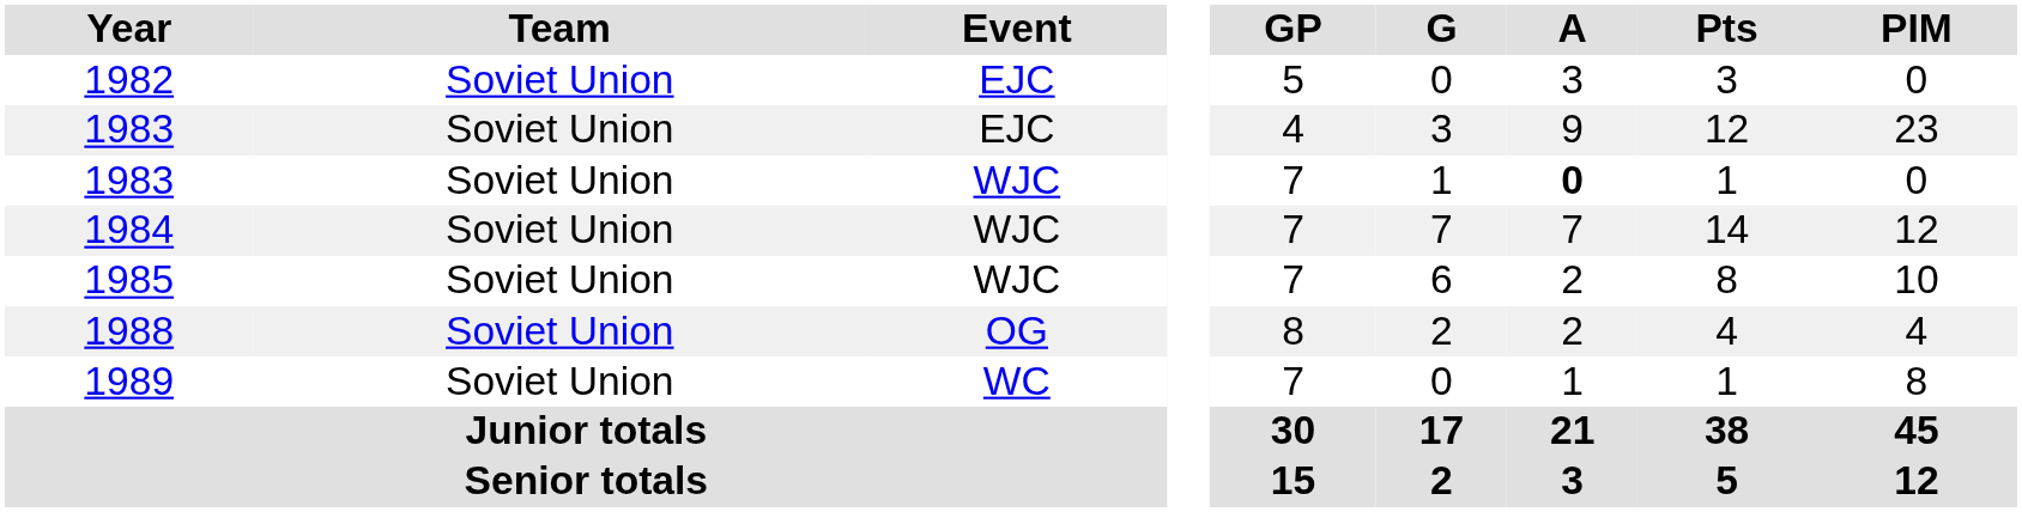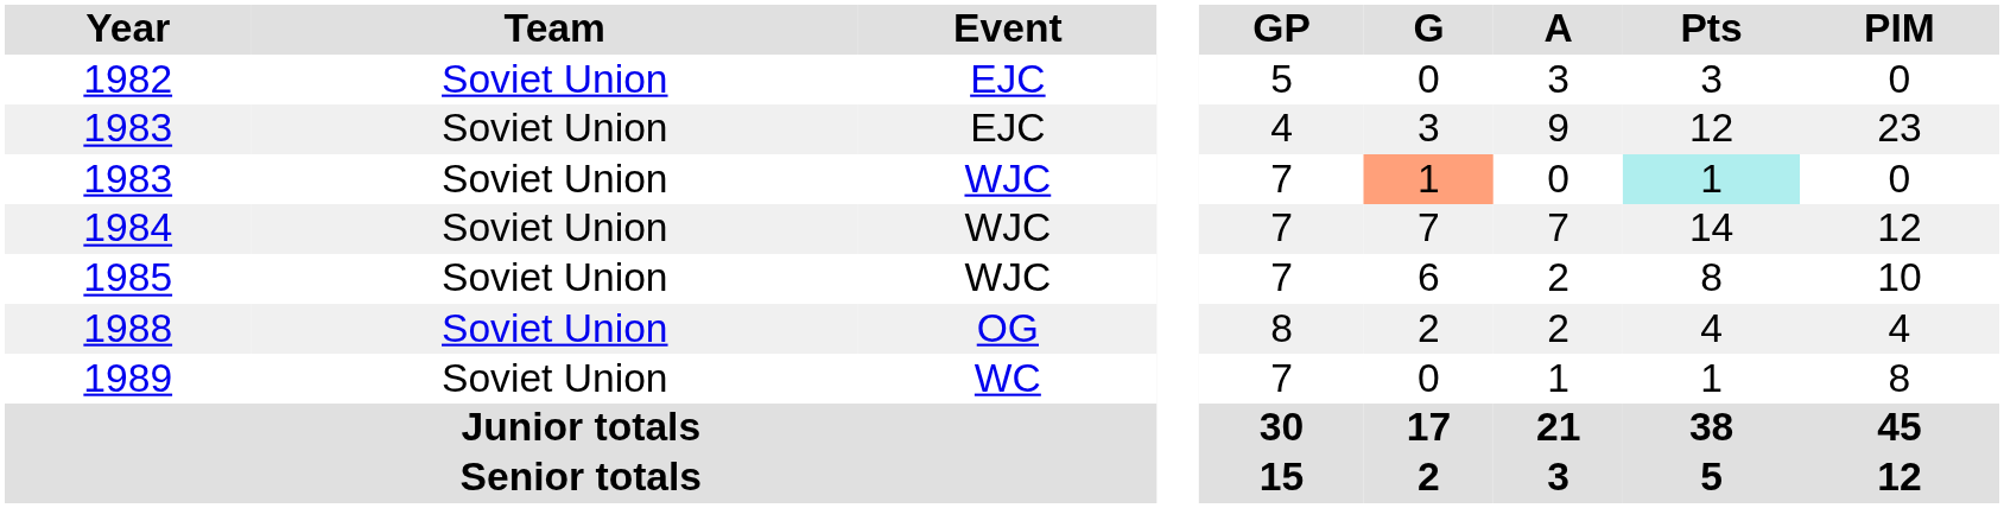 <table border="0" cellpadding="1" cellspacing="0" style="text-align:center; width:50em">
 <tr ALIGN="center" bgcolor="#e0e0e0">
 <th>Year</th>
 <th>Team</th>
 <th>Event</th>
 <th ALIGN="center" rowspan="99" bgcolor="#ffffff"> </th>
 <th>GP</th>
 <th>G</th>
 <th>A</th>
 <th>Pts</th>
 <th>PIM</th>
 </tr>
 <tr>
 <td><a href='#'>1982</a></td>
 <td><a href='#'>Soviet Union</a></td>
 <td><a href='#'>EJC</a></td>
 <td>5</td>
 <td>0</td>
 <td>3</td>
 <td>3</td>
 <td>0</td>
 </tr>
 <tr bgcolor="#f0f0f0">
 <td><a href='#'>1983</a></td>
 <td>Soviet Union</td>
 <td>EJC</td>
 <td>4</td>
 <td>3</td>
 <td>9</td>
 <td>12</td>
 <td>23</td>
 </tr>
 <tr>
 <td><a href='#'>1983</a></td>
 <td>Soviet Union</td>
 <td><a href='#'>WJC</a></td>
 <td>7</td>
-<td>1</td>
-<td><strong>0</strong></td>
-<td>1</td>
+<td style="background: lightsalmon;">1</td>
+<td>0</td>
+<td style="background: paleturquoise;">1</td>
 <td>0</td>
 </tr>
 <tr bgcolor="#f0f0f0">
 <td><a href='#'>1984</a></td>
 <td>Soviet Union</td>
 <td>WJC</td>
 <td>7</td>
 <td>7</td>
 <td>7</td>
 <td>14</td>
 <td>12</td>
 </tr>
 <tr>
 <td><a href='#'>1985</a></td>
 <td>Soviet Union</td>
 <td>WJC</td>
 <td>7</td>
 <td>6</td>
 <td>2</td>
 <td>8</td>
 <td>10</td>
 </tr>
 <tr bgcolor="#f0f0f0">
 <td><a href='#'>1988</a></td>
 <td><a href='#'>Soviet Union</a></td>
 <td><a href='#'>OG</a></td>
 <td>8</td>
 <td>2</td>
 <td>2</td>
 <td>4</td>
 <td>4</td>
 </tr>
 <tr>
 <td><a href='#'>1989</a></td>
 <td>Soviet Union</td>
 <td><a href='#'>WC</a></td>
 <td>7</td>
 <td>0</td>
 <td>1</td>
 <td>1</td>
 <td>8</td>
 </tr>
 <tr bgcolor="#e0e0e0">
 <th colspan=3>Junior totals</th>
 <th>30</th>
 <th>17</th>
 <th>21</th>
 <th>38</th>
 <th>45</th>
 </tr>
 <tr bgcolor="#e0e0e0">
 <th colspan=3>Senior totals</th>
 <th>15</th>
 <th>2</th>
 <th>3</th>
 <th>5</th>
 <th>12</th>
 </tr>
 </table>
